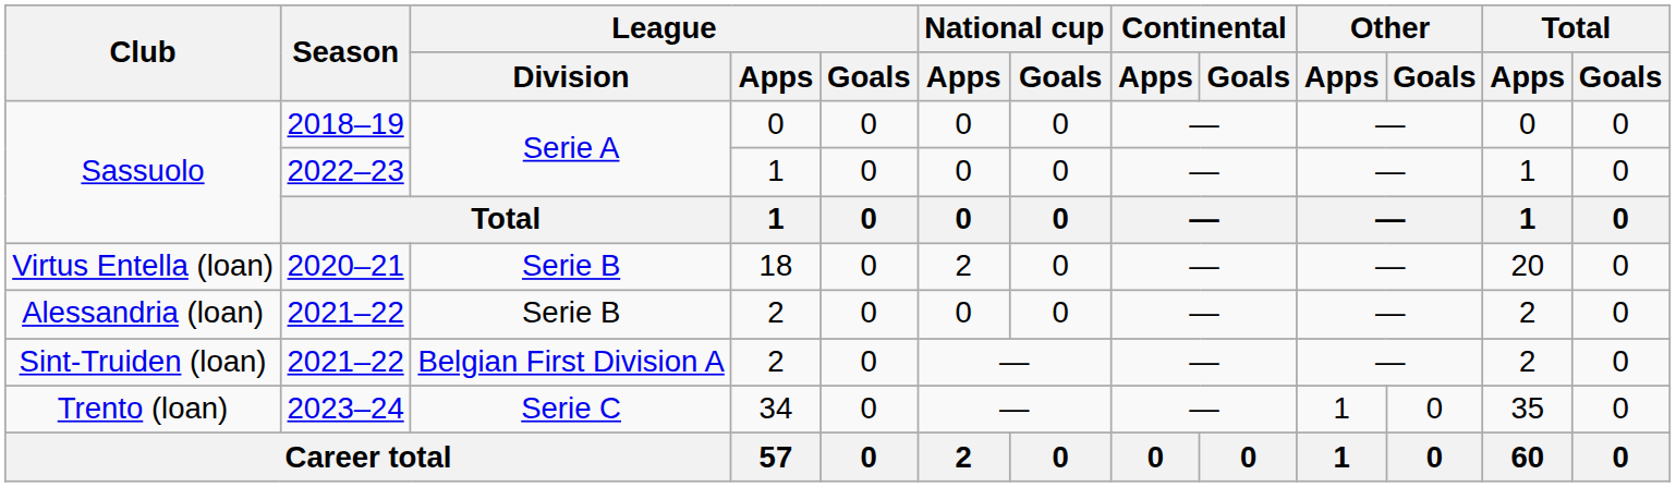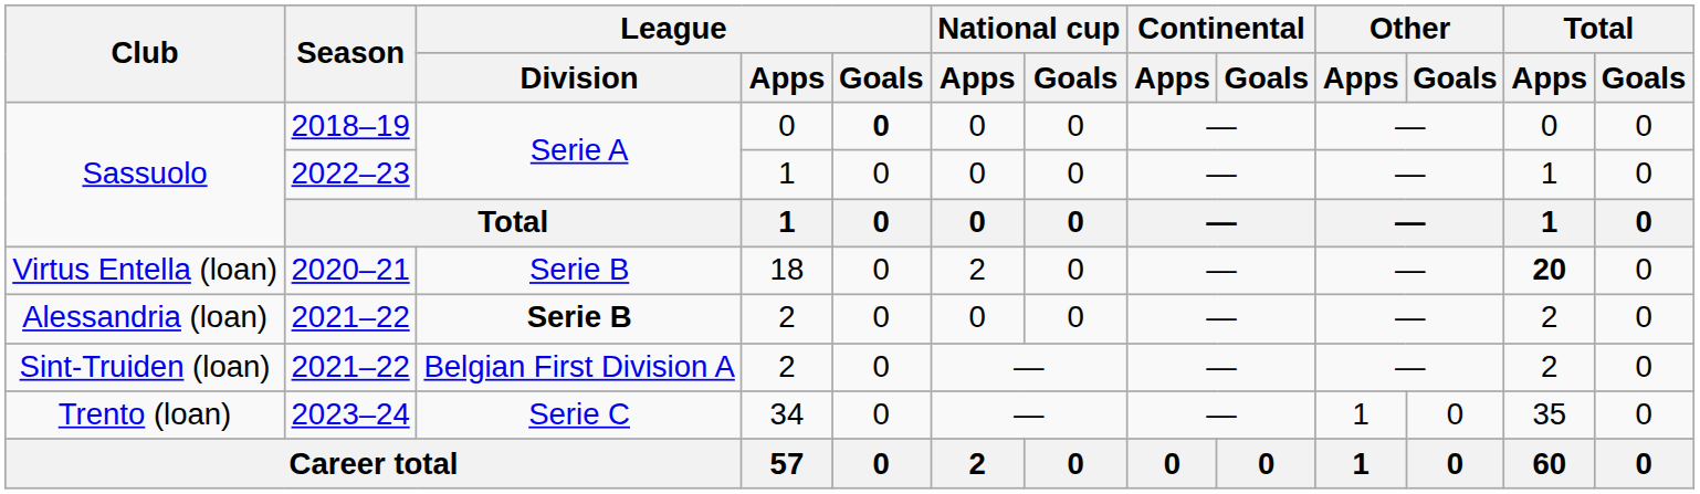 <table class=wikitable style=text-align:center>
 <tr>
 <th rowspan="2">Club</th>
 <th rowspan="2">Season</th>
 <th colspan="3">League</th>
 <th colspan="2">National cup</th>
 <th colspan="2">Continental</th>
 <th colspan="2">Other</th>
 <th colspan="2">Total</th>
 </tr>
 <tr>
 <th>Division</th>
 <th>Apps</th>
 <th>Goals</th>
 <th>Apps</th>
 <th>Goals</th>
 <th>Apps</th>
 <th>Goals</th>
 <th>Apps</th>
 <th>Goals</th>
 <th>Apps</th>
 <th>Goals</th>
 </tr>
 <tr>
 <td rowspan="3"><a href='#'>Sassuolo</a></td>
 <td><a href='#'>2018–19</a></td>
 <td rowspan="2"><a href='#'>Serie A</a></td>
 <td>0</td>
-<td>0</td>
+<td><strong>0</strong></td>
 <td>0</td>
 <td>0</td>
 <td colspan="2">—</td>
 <td colspan="2">—</td>
 <td>0</td>
 <td>0</td>
 </tr>
 <tr>
 <td><a href='#'>2022–23</a></td>
 <td>1</td>
 <td>0</td>
 <td>0</td>
 <td>0</td>
 <td colspan="2">—</td>
 <td colspan="2">—</td>
 <td>1</td>
 <td>0</td>
 </tr>
 <tr>
 <th colspan="2">Total</th>
 <th>1</th>
 <th>0</th>
 <th>0</th>
 <th>0</th>
 <th colspan="2">—</th>
 <th colspan="2">—</th>
 <th>1</th>
 <th>0</th>
 </tr>
 <tr>
 <td><a href='#'>Virtus Entella</a> (loan)</td>
 <td><a href='#'>2020–21</a></td>
 <td><a href='#'>Serie B</a></td>
 <td>18</td>
 <td>0</td>
 <td>2</td>
 <td>0</td>
 <td colspan="2">—</td>
 <td colspan="2">—</td>
-<td>20</td>
+<td><strong>20</strong></td>
 <td>0</td>
 </tr>
 <tr>
 <td><a href='#'>Alessandria</a> (loan)</td>
 <td><a href='#'>2021–22</a></td>
-<td>Serie B</td>
+<td><strong>Serie B</strong></td>
 <td>2</td>
 <td>0</td>
 <td>0</td>
 <td>0</td>
 <td colspan="2">—</td>
 <td colspan="2">—</td>
 <td>2</td>
 <td>0</td>
 </tr>
 <tr>
 <td><a href='#'>Sint-Truiden</a> (loan)</td>
 <td><a href='#'>2021–22</a></td>
 <td><a href='#'>Belgian First Division A</a></td>
 <td>2</td>
 <td>0</td>
 <td colspan="2">—</td>
 <td colspan="2">—</td>
 <td colspan="2">—</td>
 <td>2</td>
 <td>0</td>
 </tr>
 <tr>
 <td><a href='#'>Trento</a> (loan)</td>
 <td><a href='#'>2023–24</a></td>
 <td><a href='#'>Serie C</a></td>
 <td>34</td>
 <td>0</td>
 <td colspan="2">—</td>
 <td colspan="2">—</td>
 <td>1</td>
 <td>0</td>
 <td>35</td>
 <td>0</td>
 </tr>
 <tr>
 <th colspan="3">Career total</th>
 <th>57</th>
 <th>0</th>
 <th>2</th>
 <th>0</th>
 <th>0</th>
 <th>0</th>
 <th>1</th>
 <th>0</th>
 <th>60</th>
 <th>0</th>
 </tr>
 </table>
